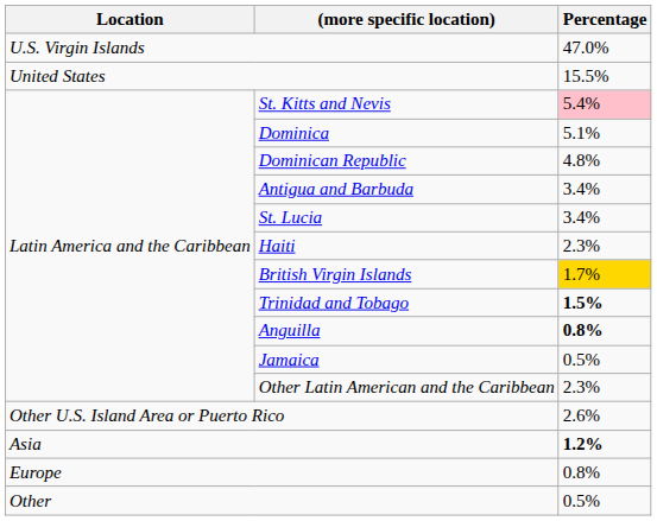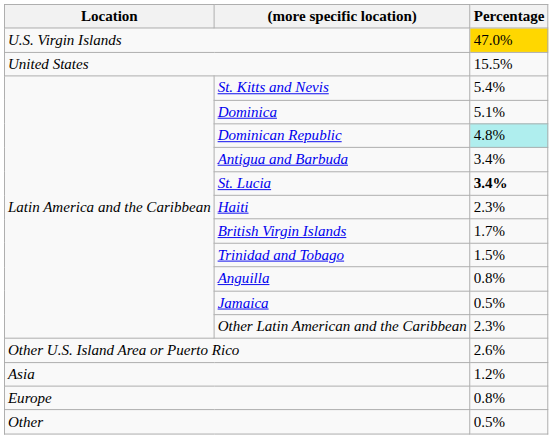 <table class="wikitable">
 <tr>
 <th>Location</th>
 <th>(more specific location)</th>
 <th>Percentage</th>
 </tr>
 <tr>
 <td colspan="2"><em>U.S. Virgin Islands</em></td>
-<td>47.0%</td>
+<td style="background: gold;">47.0%</td>
 </tr>
 <tr>
 <td colspan="2"><em>United States</em></td>
 <td>15.5%</td>
 </tr>
 <tr>
 <td rowspan="11"><em>Latin America and the Caribbean</em></td>
 <td><em><a href='#'>St. Kitts and Nevis</a></em></td>
-<td style="background: pink;">5.4%</td>
+<td>5.4%</td>
 </tr>
 <tr>
 <td><em><a href='#'>Dominica</a></em></td>
 <td>5.1%</td>
 </tr>
 <tr>
 <td><em><a href='#'>Dominican Republic</a></em></td>
-<td>4.8%</td>
+<td style="background: paleturquoise;">4.8%</td>
 </tr>
 <tr>
 <td><em><a href='#'>Antigua and Barbuda</a></em></td>
 <td>3.4%</td>
 </tr>
 <tr>
 <td><em><a href='#'>St. Lucia</a></em></td>
-<td>3.4%</td>
+<td><strong>3.4%</strong></td>
 </tr>
 <tr>
 <td><em><a href='#'>Haiti</a></em></td>
 <td>2.3%</td>
 </tr>
 <tr>
 <td><em><a href='#'>British Virgin Islands</a></em></td>
-<td style="background: gold;">1.7%</td>
+<td>1.7%</td>
 </tr>
 <tr>
 <td><em><a href='#'>Trinidad and Tobago</a></em></td>
-<td><strong>1.5%</strong></td>
+<td>1.5%</td>
 </tr>
 <tr>
 <td><em><a href='#'>Anguilla</a></em></td>
-<td><strong>0.8%</strong></td>
+<td>0.8%</td>
 </tr>
 <tr>
 <td><em><a href='#'>Jamaica</a></em></td>
 <td>0.5%</td>
 </tr>
 <tr>
 <td><em>Other Latin American and the Caribbean</em></td>
 <td>2.3%</td>
 </tr>
 <tr>
 <td colspan="2"><em>Other U.S. Island Area or Puerto Rico</em></td>
 <td>2.6%</td>
 </tr>
 <tr>
 <td colspan="2"><em>Asia</em></td>
-<td><strong>1.2%</strong></td>
+<td>1.2%</td>
 </tr>
 <tr>
 <td colspan="2"><em>Europe</em></td>
 <td>0.8%</td>
 </tr>
 <tr>
 <td colspan="2"><em>Other</em></td>
 <td>0.5%</td>
 </tr>
 </table>
